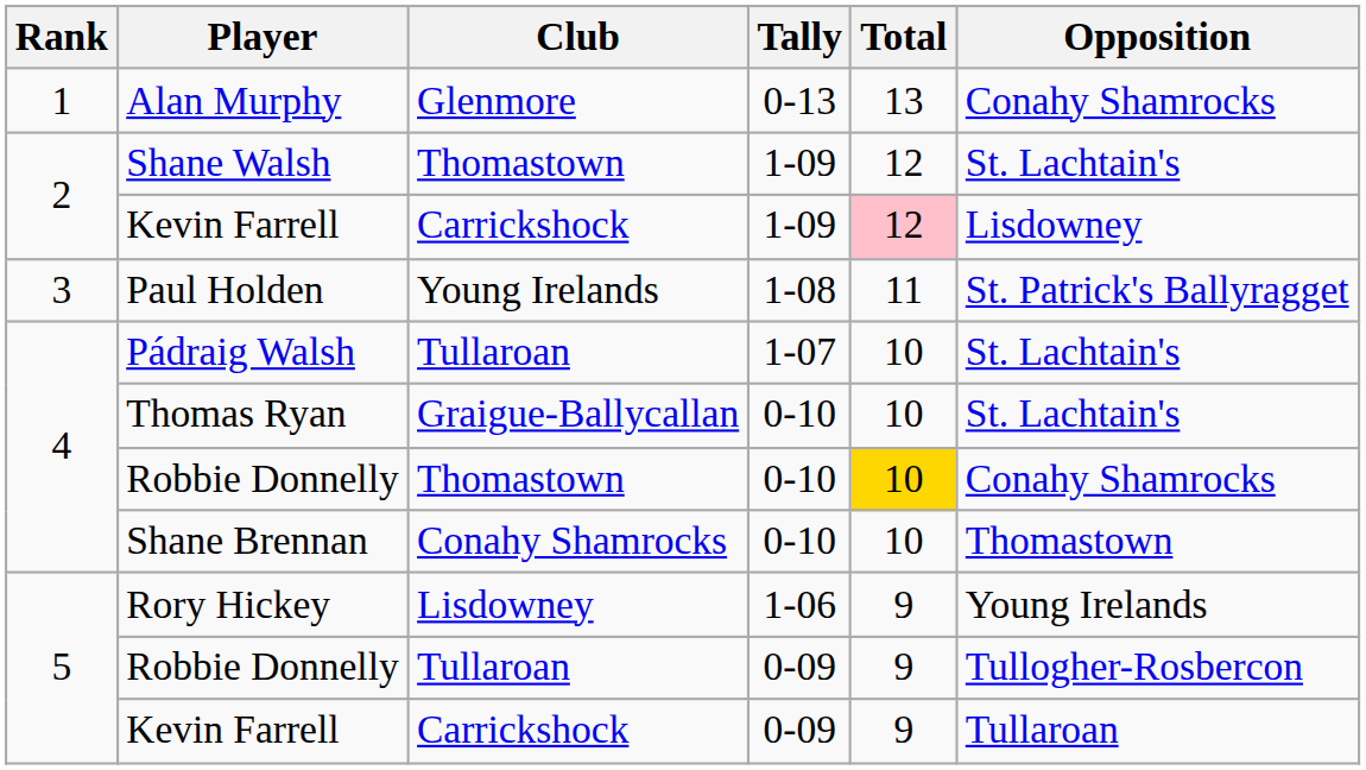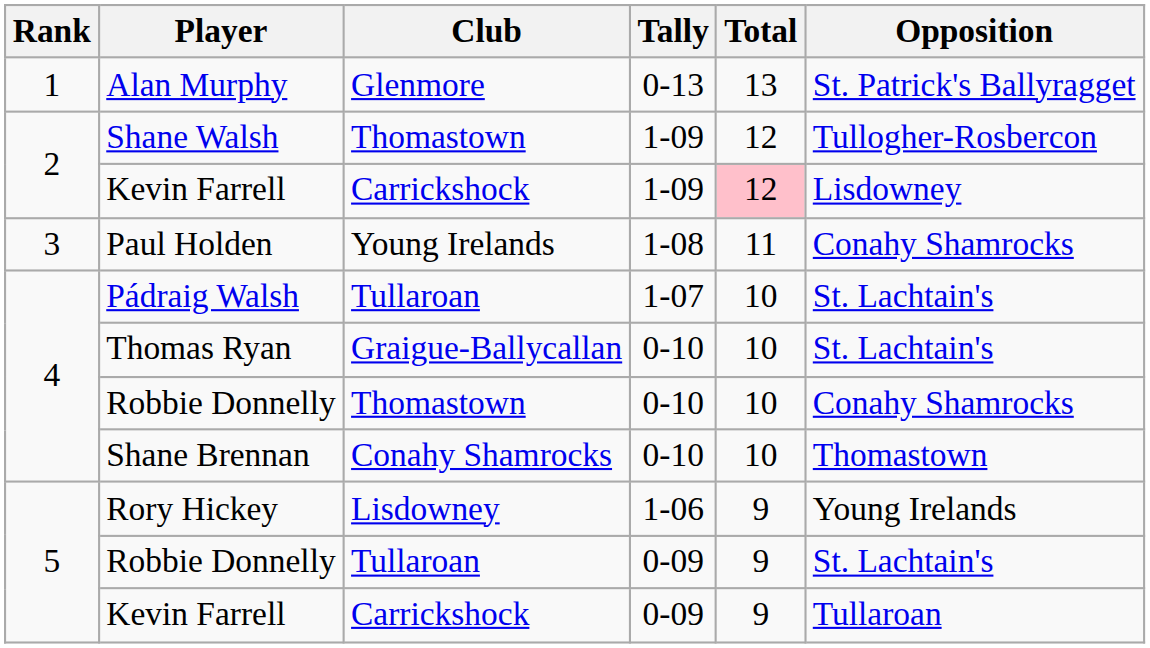 <table class="wikitable">
 <tr>
 <th>Rank</th>
 <th>Player</th>
 <th>Club</th>
 <th>Tally</th>
 <th>Total</th>
 <th>Opposition</th>
 </tr>
 <tr>
 <td rowspan="1" style="text-align:center;">1</td>
 <td><a href='#'>Alan Murphy</a></td>
 <td><a href='#'>Glenmore</a></td>
 <td align=center>0-13</td>
 <td align=center>13</td>
-<td><a href='#'>Conahy Shamrocks</a></td>
+<td><a href='#'>St. Patrick's Ballyragget</a></td>
 </tr>
 <tr>
 <td rowspan="2" style="text-align:center;">2</td>
 <td><a href='#'>Shane Walsh</a></td>
 <td><a href='#'>Thomastown</a></td>
 <td align=center>1-09</td>
 <td align=center>12</td>
-<td><a href='#'>St. Lachtain's</a></td>
+<td><a href='#'>Tullogher-Rosbercon</a></td>
 </tr>
 <tr>
 <td>Kevin Farrell</td>
 <td><a href='#'>Carrickshock</a></td>
 <td align=center>1-09</td>
 <td align=center style="background: pink;">12</td>
 <td><a href='#'>Lisdowney</a></td>
 </tr>
 <tr>
 <td rowspan="1" style="text-align:center;">3</td>
 <td>Paul Holden</td>
 <td>Young Irelands</td>
 <td align=center>1-08</td>
 <td align=center>11</td>
-<td><a href='#'>St. Patrick's Ballyragget</a></td>
+<td><a href='#'>Conahy Shamrocks</a></td>
 </tr>
 <tr>
 <td rowspan="4" style="text-align:center;">4</td>
 <td><a href='#'>Pádraig Walsh</a></td>
 <td><a href='#'>Tullaroan</a></td>
 <td align=center>1-07</td>
 <td align=center>10</td>
 <td><a href='#'>St. Lachtain's</a></td>
 </tr>
 <tr>
 <td>Thomas Ryan</td>
 <td><a href='#'>Graigue-Ballycallan</a></td>
 <td align=center>0-10</td>
 <td align=center>10</td>
 <td><a href='#'>St. Lachtain's</a></td>
 </tr>
 <tr>
 <td>Robbie Donnelly</td>
 <td><a href='#'>Thomastown</a></td>
 <td align=center>0-10</td>
-<td align=center style="background: gold;">10</td>
+<td align=center>10</td>
 <td><a href='#'>Conahy Shamrocks</a></td>
 </tr>
 <tr>
 <td>Shane Brennan</td>
 <td><a href='#'>Conahy Shamrocks</a></td>
 <td align=center>0-10</td>
 <td align=center>10</td>
 <td><a href='#'>Thomastown</a></td>
 </tr>
 <tr>
 <td rowspan="3" style="text-align:center;">5</td>
 <td>Rory Hickey</td>
 <td><a href='#'>Lisdowney</a></td>
 <td align=center>1-06</td>
 <td align=center>9</td>
 <td>Young Irelands</td>
 </tr>
 <tr>
 <td>Robbie Donnelly</td>
 <td><a href='#'>Tullaroan</a></td>
 <td align=center>0-09</td>
 <td align=center>9</td>
-<td><a href='#'>Tullogher-Rosbercon</a></td>
+<td><a href='#'>St. Lachtain's</a></td>
 </tr>
 <tr>
 <td>Kevin Farrell</td>
 <td><a href='#'>Carrickshock</a></td>
 <td align=center>0-09</td>
 <td align=center>9</td>
 <td><a href='#'>Tullaroan</a></td>
 </tr>
 </table>
